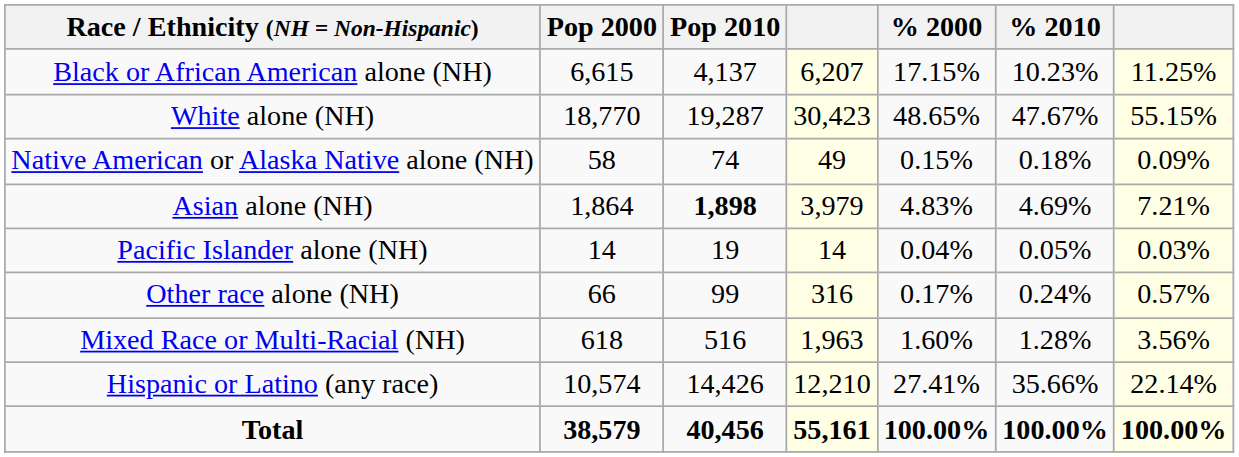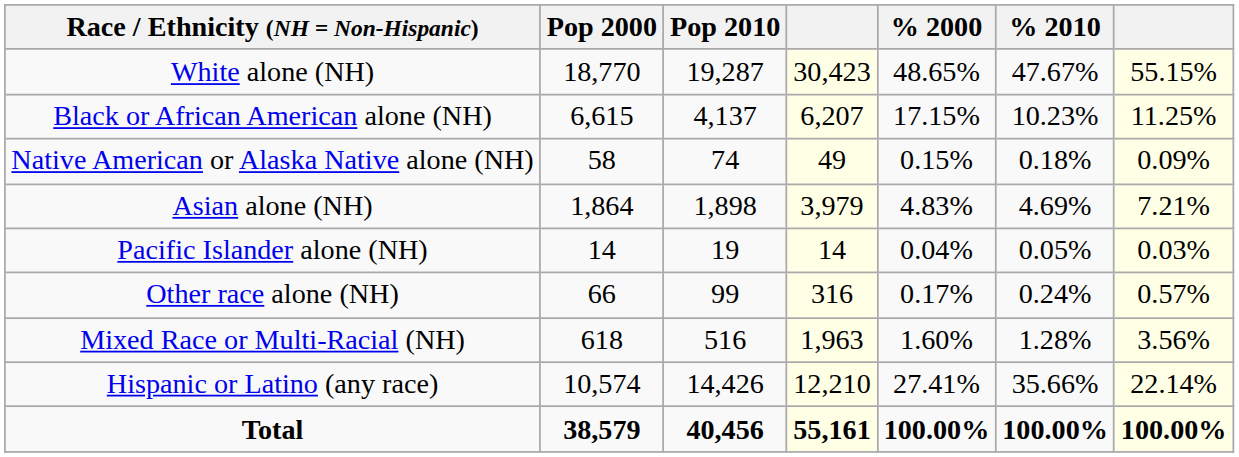 <table class="wikitable" style="text-align:center;">
 <tr>
 <th>Race / Ethnicity <small>(<em>NH = Non-Hispanic</em>)</small></th>
 <th>Pop 2000</th>
 <th>Pop 2010</th>
 <th></th>
 <th>% 2000</th>
 <th>% 2010</th>
 <th></th>
 </tr>
 <tr>
+<td><a href='#'>White</a> alone (NH)</td>
+<td>18,770</td>
+<td>19,287</td>
+<td style='background: #ffffe6;'>30,423</td>
+<td>48.65%</td>
+<td>47.67%</td>
+<td style='background: #ffffe6;'>55.15%</td>
+</tr>
+<tr>
 <td><a href='#'>Black or African American</a> alone (NH)</td>
 <td>6,615</td>
 <td>4,137</td>
 <td style='background: #ffffe6;'>6,207</td>
 <td>17.15%</td>
 <td>10.23%</td>
 <td style='background: #ffffe6;'>11.25%</td>
-</tr>
-<tr>
-<td><a href='#'>White</a> alone (NH)</td>
-<td>18,770</td>
-<td>19,287</td>
-<td style='background: #ffffe6;'>30,423</td>
-<td>48.65%</td>
-<td>47.67%</td>
-<td style='background: #ffffe6;'>55.15%</td>
 </tr>
 <tr>
 <td><a href='#'>Native American</a> or <a href='#'>Alaska Native</a> alone (NH)</td>
 <td>58</td>
 <td>74</td>
 <td style='background: #ffffe6;'>49</td>
 <td>0.15%</td>
 <td>0.18%</td>
 <td style='background: #ffffe6;'>0.09%</td>
 </tr>
 <tr>
 <td><a href='#'>Asian</a> alone (NH)</td>
 <td>1,864</td>
-<td><strong>1,898</strong></td>
+<td>1,898</td>
 <td style='background: #ffffe6;'>3,979</td>
 <td>4.83%</td>
 <td>4.69%</td>
 <td style='background: #ffffe6;'>7.21%</td>
 </tr>
 <tr>
 <td><a href='#'>Pacific Islander</a> alone (NH)</td>
 <td>14</td>
 <td>19</td>
 <td style='background: #ffffe6;'>14</td>
 <td>0.04%</td>
 <td>0.05%</td>
 <td style='background: #ffffe6;'>0.03%</td>
 </tr>
 <tr>
 <td><a href='#'>Other race</a> alone (NH)</td>
 <td>66</td>
 <td>99</td>
 <td style='background: #ffffe6;'>316</td>
 <td>0.17%</td>
 <td>0.24%</td>
 <td style='background: #ffffe6;'>0.57%</td>
 </tr>
 <tr>
 <td><a href='#'>Mixed Race or Multi-Racial</a> (NH)</td>
 <td>618</td>
 <td>516</td>
 <td style='background: #ffffe6;'>1,963</td>
 <td>1.60%</td>
 <td>1.28%</td>
 <td style='background: #ffffe6;'>3.56%</td>
 </tr>
 <tr>
 <td><a href='#'>Hispanic or Latino</a> (any race)</td>
 <td>10,574</td>
 <td>14,426</td>
 <td style='background: #ffffe6;'>12,210</td>
 <td>27.41%</td>
 <td>35.66%</td>
 <td style='background: #ffffe6;'>22.14%</td>
 </tr>
 <tr>
 <td><strong>Total</strong></td>
 <td><strong>38,579</strong></td>
 <td><strong>40,456</strong></td>
 <td style='background: #ffffe6;'><strong>55,161</strong></td>
 <td><strong>100.00%</strong></td>
 <td><strong>100.00%</strong></td>
 <td style='background: #ffffe6;'><strong>100.00%</strong></td>
 </tr>
 </table>
